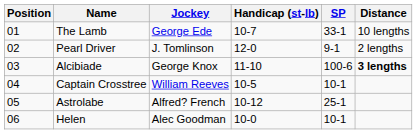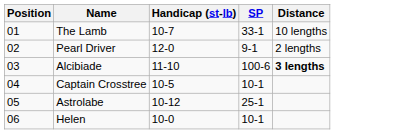 <table class="wikitable sortable">
 <tr>
 <th data-sort-type="number"><strong>Position</strong></th>
 <th>Name</th>
-<th><a href='#'>Jockey</a></th>
 <th>Handicap (<a href='#'>st</a>-<a href='#'>lb</a>)</th>
 <th><a href='#'>SP</a></th>
 <th>Distance</th>
 </tr>
 <tr>
 <td>01</td>
 <td>The Lamb</td>
-<td><a href='#'>George Ede</a></td>
 <td>10-7</td>
 <td>33-1</td>
 <td>10 lengths</td>
 </tr>
 <tr>
 <td>02</td>
 <td>Pearl Driver</td>
-<td>J. Tomlinson</td>
 <td>12-0</td>
 <td>9-1</td>
 <td>2 lengths</td>
 </tr>
 <tr>
 <td>03</td>
 <td>Alcibiade</td>
-<td>George Knox</td>
 <td>11-10</td>
 <td>100-6</td>
 <td><strong>3 lengths</strong></td>
 </tr>
 <tr>
 <td>04</td>
 <td>Captain Crosstree</td>
-<td><a href='#'>William Reeves</a></td>
 <td>10-5</td>
 <td>10-1</td>
 <td></td>
 </tr>
 <tr>
 <td>05</td>
 <td>Astrolabe</td>
-<td>Alfred? French</td>
 <td>10-12</td>
 <td>25-1</td>
 <td></td>
 </tr>
 <tr>
 <td>06</td>
 <td>Helen</td>
-<td>Alec Goodman</td>
 <td>10-0</td>
 <td>10-1</td>
 <td></td>
 </tr>
 </table>
